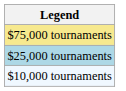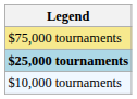 <table class="wikitable" style="font-size:85%">
 <tr>
 <th>Legend</th>
 </tr>
 <tr style="background:#f7e98e;">
 <td>$75,000 tournaments</td>
 </tr>
 <tr style="background:lightblue;">
-<td>$25,000 tournaments</td>
+<td><strong>$25,000 tournaments</strong></td>
 </tr>
 <tr style="background:#f0f8ff;">
 <td>$10,000 tournaments</td>
 </tr>
 </table>
